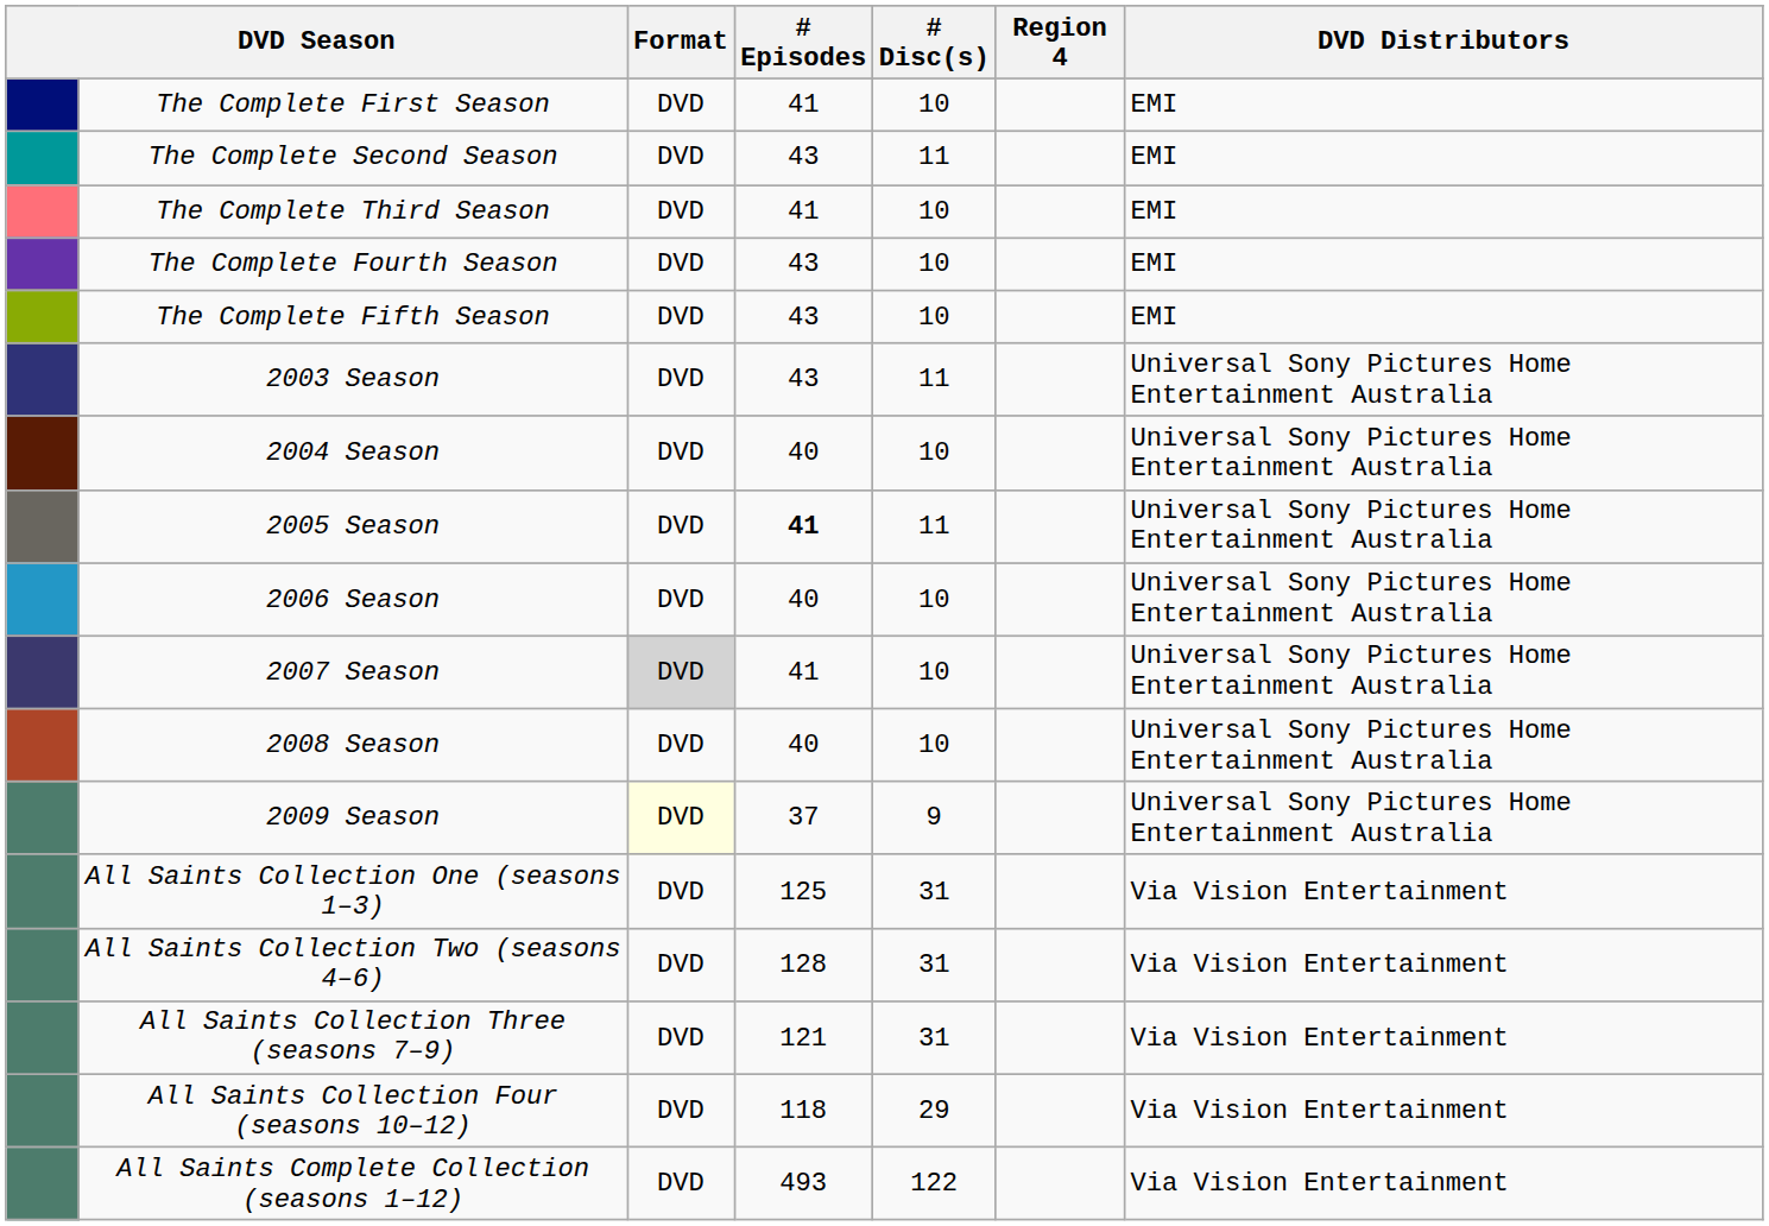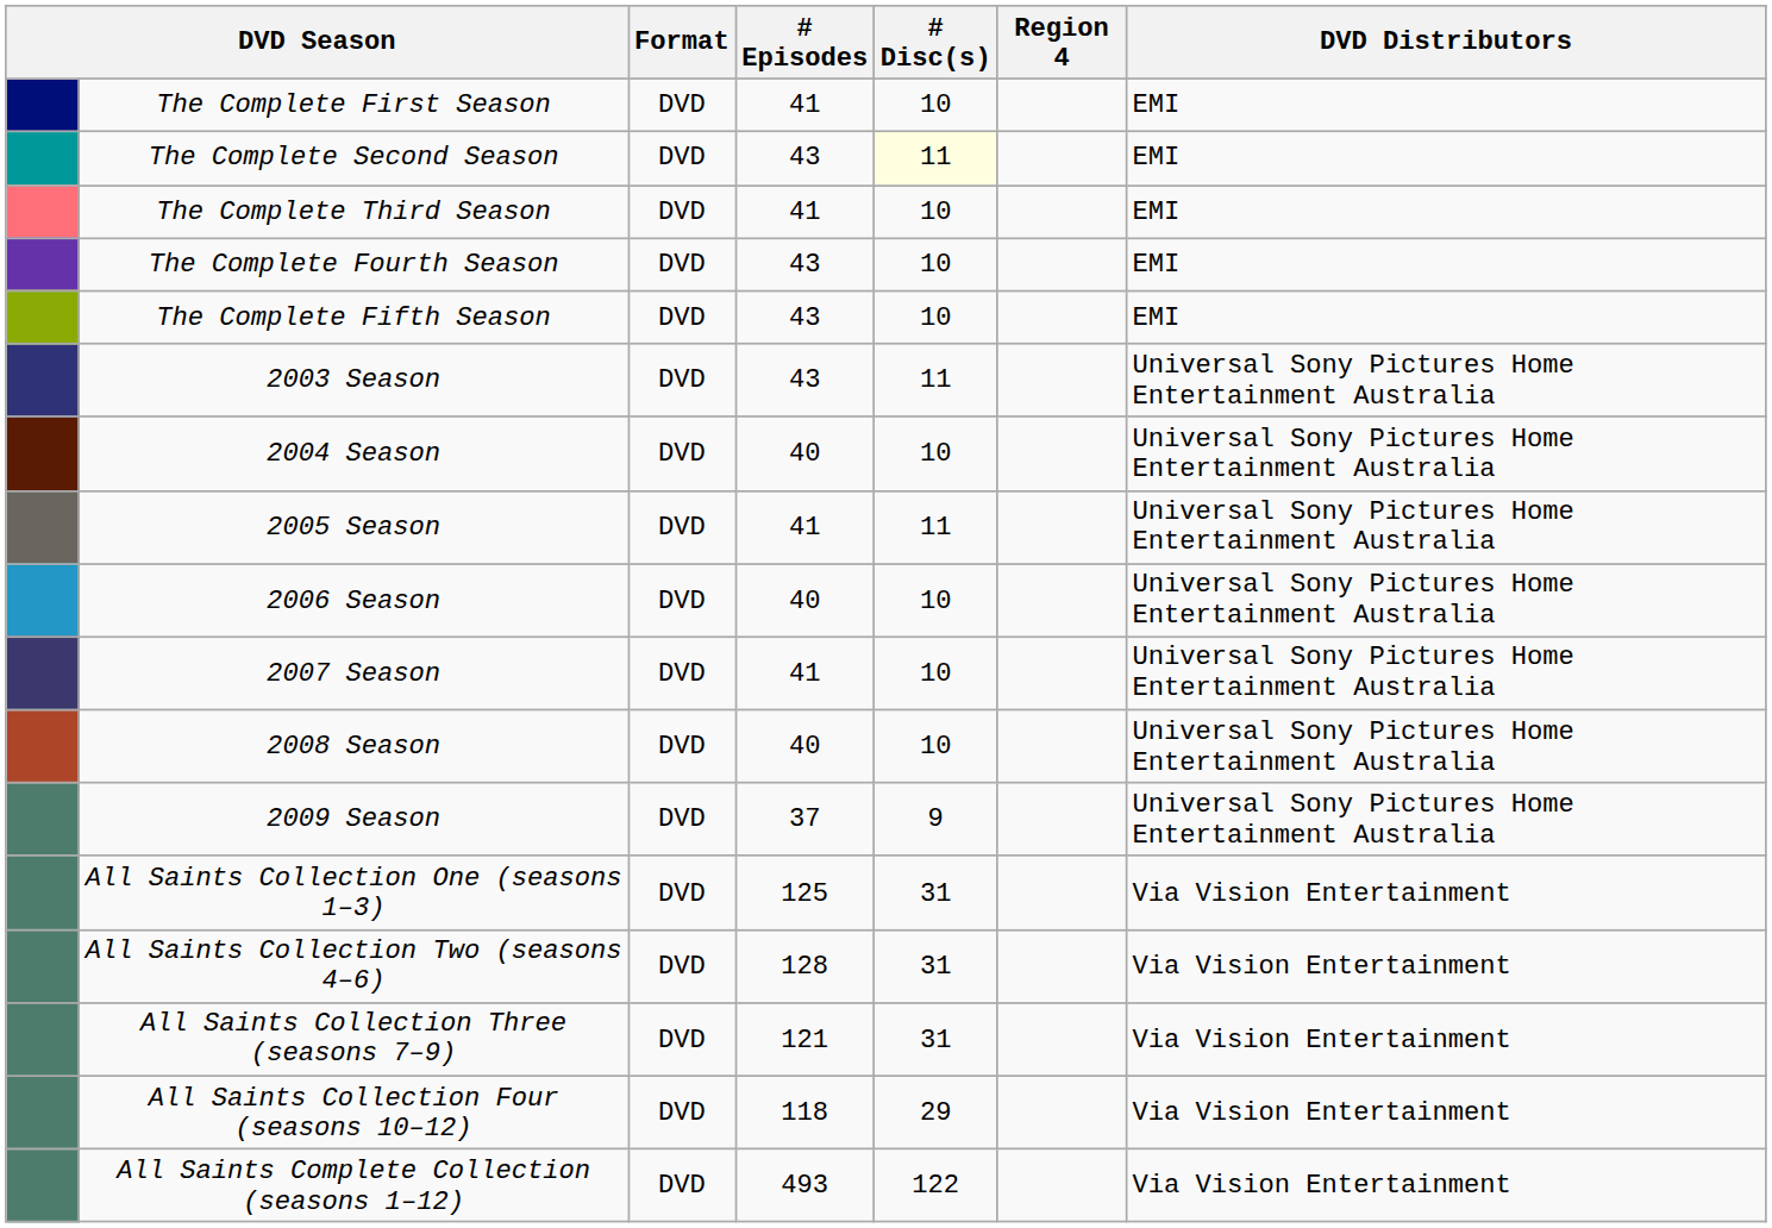 <table class="wikitable">
 <tr>
 <th colspan="2">DVD Season</th>
 <th>Format</th>
 <th>#<br>Episodes</th>
 <th>#<br>Disc(s)</th>
 <th>Region 4</th>
 <th>DVD Distributors</th>
 </tr>
 <tr>
 <td style="height:20px; background:#000E79; width:30px;"></td>
 <td style="text-align:center"><em>The Complete First Season</em></td>
 <td style="text-align:center">DVD</td>
 <td style="text-align:center">41</td>
 <td style="text-align:center">10</td>
 <td style="padding: 0px 8px"></td>
 <td>EMI</td>
 </tr>
 <tr>
 <td style="height:20px; background:#009899; width:30px;"></td>
 <td style="text-align:center"><em>The Complete Second Season</em></td>
 <td style="text-align:center">DVD</td>
 <td style="text-align:center">43</td>
-<td style="text-align:center">11</td>
+<td style="background: lightyellow; text-align:center">11</td>
 <td style="padding: 0px 8px"></td>
 <td>EMI</td>
 </tr>
 <tr>
 <td style="height:20px; background:#ff6f79; width:30px;"></td>
 <td style="text-align:center"><em>The Complete Third Season</em></td>
 <td style="text-align:center">DVD</td>
 <td style="text-align:center">41</td>
 <td style="text-align:center">10</td>
 <td style="padding: 0px 8px"></td>
 <td>EMI</td>
 </tr>
 <tr>
 <td style="height:20px; background:#6532A9; width:30px;"></td>
 <td style="text-align:center"><em>The Complete Fourth Season</em></td>
 <td style="text-align:center">DVD</td>
 <td style="text-align:center">43</td>
 <td style="text-align:center">10</td>
 <td style="padding: 0px 8px"></td>
 <td>EMI</td>
 </tr>
 <tr>
 <td style="height:20px; background:#89AB04; width:30px;"></td>
 <td style="text-align:center"><em>The Complete Fifth Season</em></td>
 <td style="text-align:center">DVD</td>
 <td style="text-align:center">43</td>
 <td style="text-align:center">10</td>
 <td style="padding: 0px 8px"></td>
 <td>EMI</td>
 </tr>
 <tr>
 <td style="height:20px; background:#2f3277; width:30px;"></td>
 <td style="text-align:center"><em>2003 Season</em></td>
 <td style="text-align:center">DVD</td>
 <td style="text-align:center">43</td>
 <td style="text-align:center">11</td>
 <td style="padding: 0px 8px"></td>
 <td>Universal Sony Pictures Home Entertainment Australia</td>
 </tr>
 <tr>
 <td style="height:20px; background:#591b04; width:30px;"></td>
 <td style="text-align:center"><em>2004 Season</em></td>
 <td style="text-align:center">DVD</td>
 <td style="text-align:center">40</td>
 <td style="text-align:center">10</td>
 <td style="padding: 0px 8px"></td>
 <td>Universal Sony Pictures Home Entertainment Australia</td>
 </tr>
 <tr>
 <td style="height:20px; background:#69665f; width:30px;"></td>
 <td style="text-align:center"><em>2005 Season</em></td>
 <td style="text-align:center">DVD</td>
-<td style="text-align:center"><strong>41</strong></td>
+<td style="text-align:center">41</td>
 <td style="text-align:center">11</td>
 <td style="padding: 0px 8px"></td>
 <td>Universal Sony Pictures Home Entertainment Australia</td>
 </tr>
 <tr>
 <td style="height:20px; background:#2397c6; width:30px;"></td>
 <td style="text-align:center"><em>2006 Season</em></td>
 <td style="text-align:center">DVD</td>
 <td style="text-align:center">40</td>
 <td style="text-align:center">10</td>
 <td style="padding: 0px 8px"></td>
 <td>Universal Sony Pictures Home Entertainment Australia</td>
 </tr>
 <tr>
 <td style="height:20px; background:#3b386d; width:30px;"></td>
 <td style="text-align:center"><em>2007 Season</em></td>
-<td style="background: lightgrey; text-align:center">DVD</td>
+<td style="text-align:center">DVD</td>
 <td style="text-align:center">41</td>
 <td style="text-align:center">10</td>
 <td style="padding: 0px 8px"></td>
 <td>Universal Sony Pictures Home Entertainment Australia</td>
 </tr>
 <tr>
 <td style="height:20px; background:#ad4528; width:30px;"></td>
 <td style="text-align:center"><em>2008 Season</em></td>
 <td style="text-align:center">DVD</td>
 <td style="text-align:center">40</td>
 <td style="text-align:center">10</td>
 <td style="padding: 0px 8px"></td>
 <td>Universal Sony Pictures Home Entertainment Australia</td>
 </tr>
 <tr>
 <td style="height:20px; background:#4d7c6c; width:30px;"></td>
 <td style="text-align:center"><em>2009 Season</em></td>
-<td style="background: lightyellow; text-align:center">DVD</td>
+<td style="text-align:center">DVD</td>
 <td style="text-align:center">37</td>
 <td style="text-align:center">9</td>
 <td style="padding: 0px 8px"></td>
 <td>Universal Sony Pictures Home Entertainment Australia</td>
 </tr>
 <tr>
 <td style="height:20px; background:#4d7c6c; width:30px;"></td>
 <td style="text-align:center"><em>All Saints Collection One (seasons 1–3)</em></td>
 <td style="text-align:center">DVD</td>
 <td style="text-align:center">125</td>
 <td style="text-align:center">31</td>
 <td style="padding: 0px 8px"></td>
 <td>Via Vision Entertainment</td>
 </tr>
 <tr>
 <td style="height:20px; background:#4d7c6c; width:30px;"></td>
 <td style="text-align:center"><em>All Saints Collection Two (seasons 4–6)</em></td>
 <td style="text-align:center">DVD</td>
 <td style="text-align:center">128</td>
 <td style="text-align:center">31</td>
 <td style="padding: 0px 8px"></td>
 <td>Via Vision Entertainment</td>
 </tr>
 <tr>
 <td style="height:20px; background:#4d7c6c; width:30px;"></td>
 <td style="text-align:center"><em>All Saints Collection Three (seasons 7–9)</em></td>
 <td style="text-align:center">DVD</td>
 <td style="text-align:center">121</td>
 <td style="text-align:center">31</td>
 <td style="padding: 0px 8px"></td>
 <td>Via Vision Entertainment</td>
 </tr>
 <tr>
 <td style="height:20px; background:#4d7c6c; width:30px;"></td>
 <td style="text-align:center"><em>All Saints Collection Four (seasons 10–12)</em></td>
 <td style="text-align:center">DVD</td>
 <td style="text-align:center">118</td>
 <td style="text-align:center">29</td>
 <td style="padding: 0px 8px"></td>
 <td>Via Vision Entertainment</td>
 </tr>
 <tr>
 <td style="height:20px; background:#4d7c6c; width:30px;"></td>
 <td style="text-align:center"><em>All Saints Complete Collection (seasons 1–12)</em></td>
 <td style="text-align:center">DVD</td>
 <td style="text-align:center">493</td>
 <td style="text-align:center">122</td>
 <td style="padding: 0px 8px"></td>
 <td>Via Vision Entertainment</td>
 </tr>
 </table>
